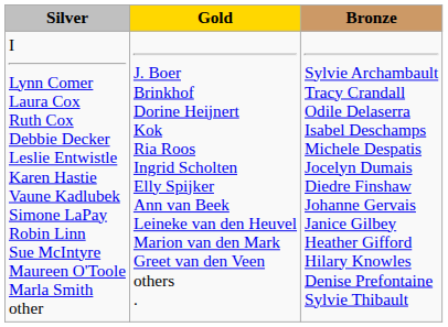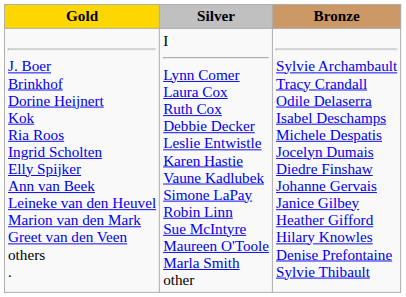 <table class="wikitable">
 <tr>
+<td style="text-align:center;background-color:gold;"><strong>Gold</strong></td>
 <td style="text-align:center;background-color:silver;"><strong>Silver</strong></td>
-<td style="text-align:center;background-color:gold;"><strong>Gold</strong></td>
 <td style="text-align:center;background-color:#CC9966;"><strong>Bronze</strong></td>
 </tr>
 <tr>
+<td><hr><a href='#'>J. Boer</a><br><a href='#'>Brinkhof</a><br><a href='#'>Dorine Heijnert</a><br><a href='#'>Kok</a><br><a href='#'>Ria Roos</a><br><a href='#'>Ingrid Scholten</a><br><a href='#'>Elly Spijker</a><br><a href='#'>Ann van Beek</a><br><a href='#'>Leineke van den Heuvel</a><br><a href='#'>Marion van den Mark</a><br><a href='#'>Greet van den Veen</a><br>others<br>.<br></td>
 <td> I<hr><a href='#'>Lynn Comer</a><br><a href='#'>Laura Cox</a><br><a href='#'>Ruth Cox</a><br><a href='#'>Debbie Decker</a><br><a href='#'>Leslie Entwistle</a><br><a href='#'>Karen Hastie</a><br><a href='#'>Vaune Kadlubek</a><br><a href='#'>Simone LaPay</a><br><a href='#'>Robin Linn</a><br><a href='#'>Sue McIntyre</a><br><a href='#'>Maureen O'Toole</a><br><a href='#'>Marla Smith</a><br>other<br></td>
-<td><hr><a href='#'>J. Boer</a><br><a href='#'>Brinkhof</a><br><a href='#'>Dorine Heijnert</a><br><a href='#'>Kok</a><br><a href='#'>Ria Roos</a><br><a href='#'>Ingrid Scholten</a><br><a href='#'>Elly Spijker</a><br><a href='#'>Ann van Beek</a><br><a href='#'>Leineke van den Heuvel</a><br><a href='#'>Marion van den Mark</a><br><a href='#'>Greet van den Veen</a><br>others<br>.<br></td>
 <td><hr><a href='#'>Sylvie Archambault</a><br><a href='#'>Tracy Crandall</a><br><a href='#'>Odile Delaserra</a><br><a href='#'>Isabel Deschamps</a><br><a href='#'>Michele Despatis</a><br><a href='#'>Jocelyn Dumais</a><br><a href='#'>Diedre Finshaw</a><br><a href='#'>Johanne Gervais</a><br><a href='#'>Janice Gilbey</a><br><a href='#'>Heather Gifford</a><br><a href='#'>Hilary Knowles</a><br><a href='#'>Denise Prefontaine</a><br><a href='#'>Sylvie Thibault</a></td>
 </tr>
 </table>
